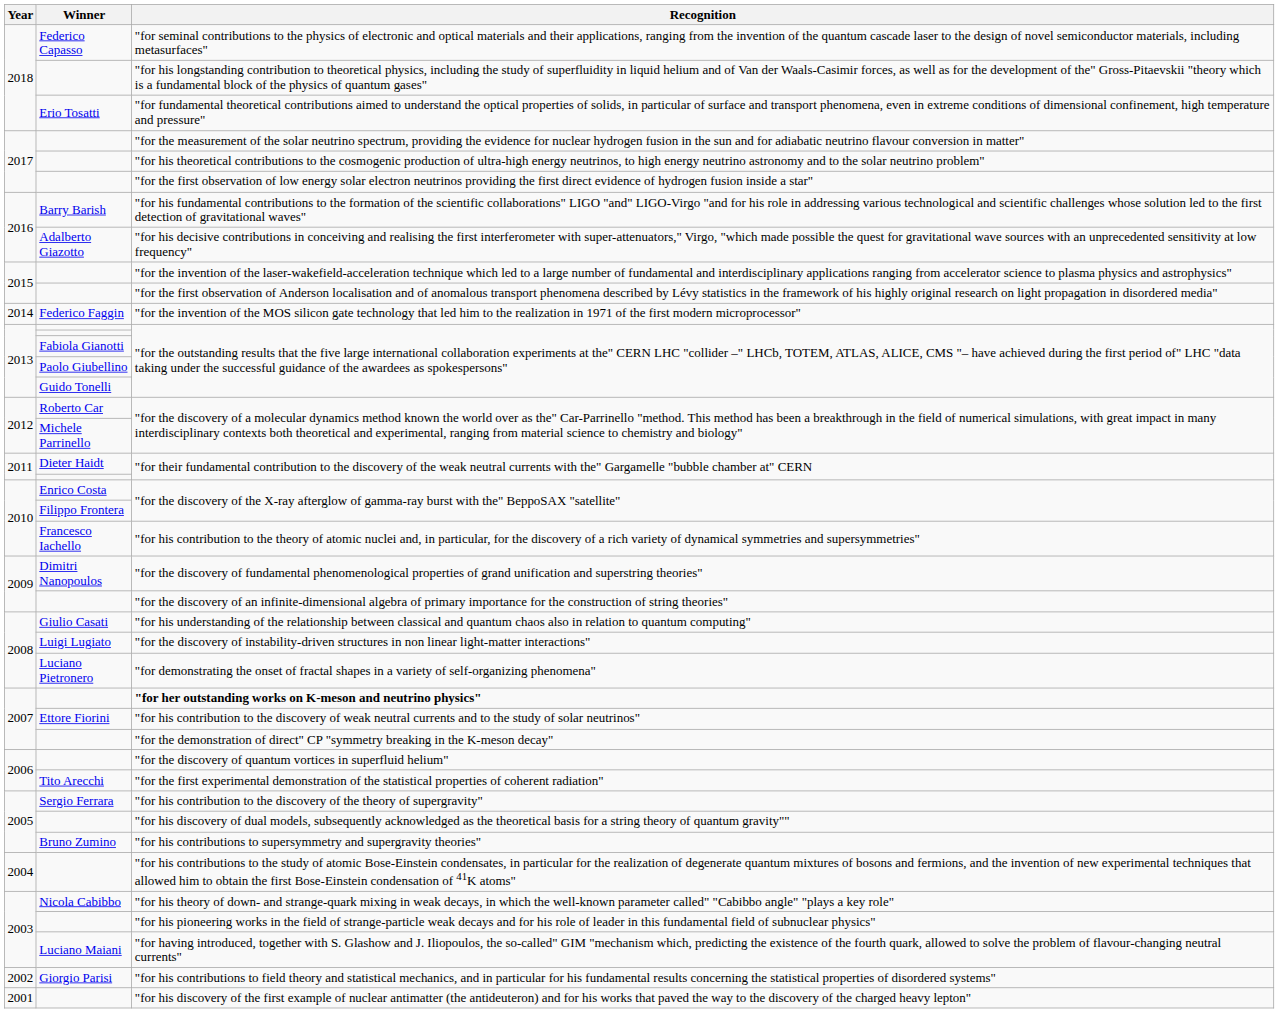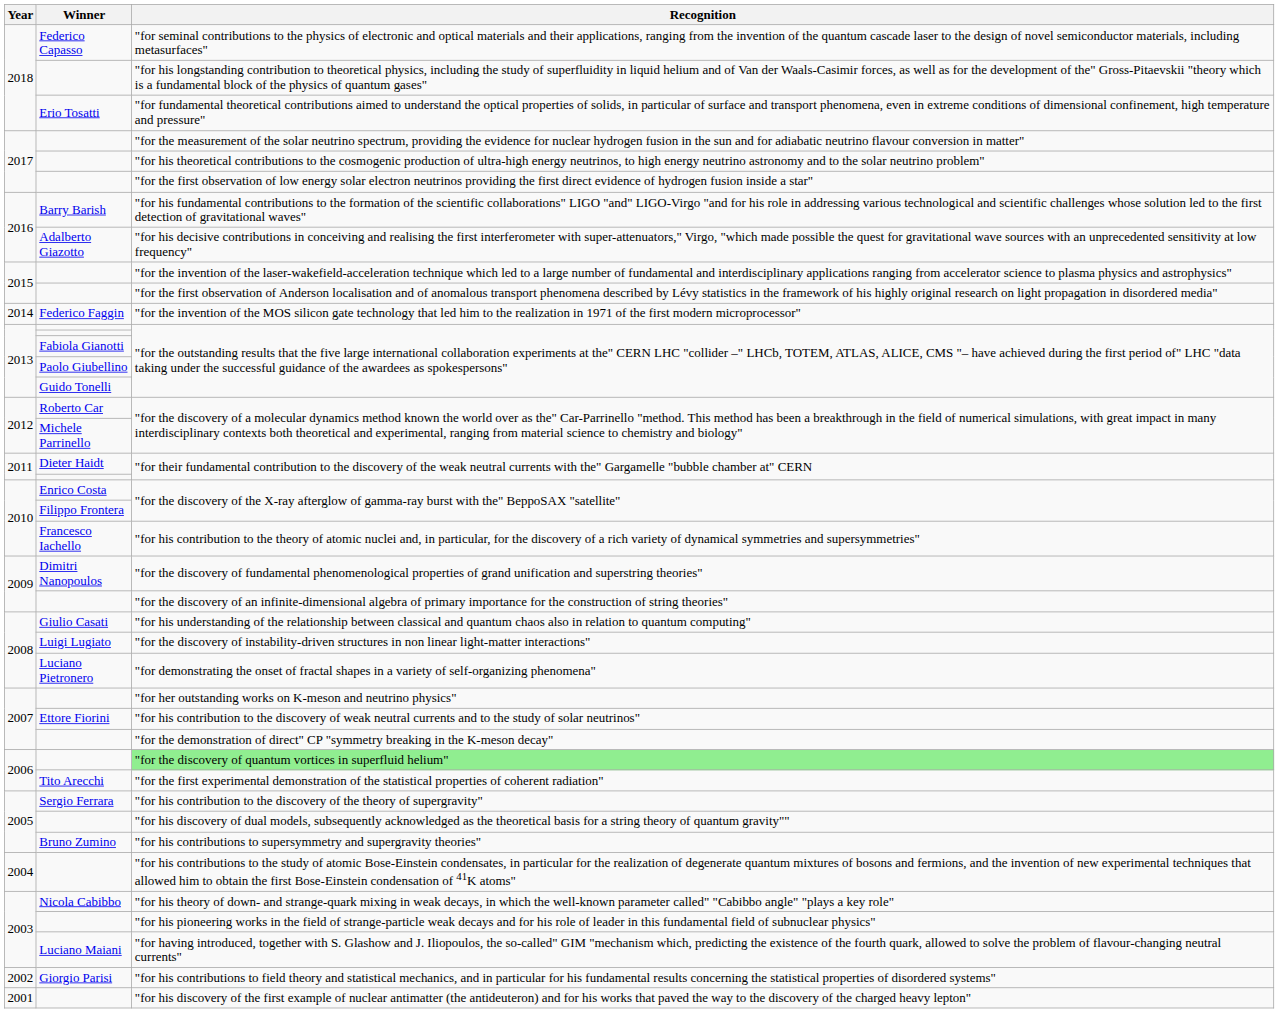 <table class="wikitable">
 <tr>
 <th>Year</th>
 <th>Winner</th>
 <th>Recognition</th>
 </tr>
 <tr>
 <td rowspan="3">2018</td>
 <td><a href='#'>Federico Capasso</a></td>
 <td>"for seminal contributions to the physics of electronic and optical materials and their applications, ranging from the invention of the quantum cascade laser to the design of novel semiconductor materials, including metasurfaces"</td>
 </tr>
 <tr>
 <td></td>
 <td>"for his longstanding contribution to theoretical physics, including the study of superfluidity in liquid helium and of Van der Waals-Casimir forces, as well as for the development of the" Gross-Pitaevskii "theory which is a fundamental block of the physics of quantum gases"</td>
 </tr>
 <tr>
 <td><a href='#'>Erio Tosatti</a></td>
 <td>"for fundamental theoretical contributions aimed to understand the optical properties of solids, in particular of surface and transport phenomena, even in extreme conditions of dimensional confinement, high temperature and pressure"</td>
 </tr>
 <tr>
 <td rowspan="3">2017</td>
 <td> </td>
 <td>"for the measurement of the solar neutrino spectrum, providing the evidence for nuclear hydrogen fusion in the sun and for adiabatic neutrino flavour conversion in matter"</td>
 </tr>
 <tr>
 <td></td>
 <td>"for his theoretical contributions to the cosmogenic production of ultra-high energy neutrinos, to high energy neutrino astronomy and to the solar neutrino problem"</td>
 </tr>
 <tr>
 <td></td>
 <td>"for the first observation of low energy solar electron neutrinos providing the first direct evidence of hydrogen fusion inside a star"</td>
 </tr>
 <tr>
 <td rowspan="2">2016</td>
 <td><a href='#'>Barry Barish</a></td>
 <td>"for his fundamental contributions to the formation of the scientific collaborations" LIGO "and" LIGO-Virgo "and for his role in addressing various technological and scientific challenges whose solution led to the first detection of gravitational waves"</td>
 </tr>
 <tr>
 <td><a href='#'>Adalberto Giazotto</a></td>
 <td>"for his decisive contributions in conceiving and realising the first interferometer with super-attenuators," Virgo, "which made possible the quest for gravitational wave sources with an unprecedented sensitivity at low frequency"</td>
 </tr>
 <tr>
 <td rowspan="2">2015</td>
 <td></td>
 <td>"for the invention of the laser-wakefield-acceleration technique which led to a large number of fundamental and interdisciplinary applications ranging from accelerator science to plasma physics and astrophysics"</td>
 </tr>
 <tr>
 <td></td>
 <td>"for the first observation of Anderson localisation and of anomalous transport phenomena described by Lévy statistics in the framework of his highly original research on light propagation in disordered media"</td>
 </tr>
 <tr>
 <td>2014</td>
 <td><a href='#'>Federico Faggin</a></td>
 <td>"for the invention of the MOS silicon gate technology that led him to the realization in 1971 of the first modern microprocessor"</td>
 </tr>
 <tr>
 <td rowspan="5">2013</td>
 <td></td>
 <td rowspan="5">"for the outstanding results that the five large international collaboration experiments at the" CERN LHC "collider –" LHCb, TOTEM, ATLAS, ALICE, CMS "– have achieved during the first period of" LHC "data taking under the successful guidance of the awardees as spokespersons"</td>
 </tr>
 <tr>
 <td></td>
 </tr>
 <tr>
 <td><a href='#'>Fabiola Gianotti</a></td>
 </tr>
 <tr>
 <td><a href='#'>Paolo Giubellino</a></td>
 </tr>
 <tr>
 <td><a href='#'>Guido Tonelli</a></td>
 </tr>
 <tr>
 <td rowspan="2">2012</td>
 <td><a href='#'>Roberto Car</a></td>
 <td rowspan="2">"for the discovery of a molecular dynamics method known the world over as the" Car-Parrinello "method. This method has been a breakthrough in the field of numerical simulations, with great impact in many interdisciplinary contexts both theoretical and experimental, ranging from material science to chemistry and biology"</td>
 </tr>
 <tr>
 <td><a href='#'>Michele Parrinello</a></td>
 </tr>
 <tr>
 <td rowspan="2">2011</td>
 <td><a href='#'>Dieter Haidt</a></td>
 <td rowspan="2">"for their fundamental contribution to the discovery of the weak neutral currents with the" Gargamelle "bubble chamber at" CERN</td>
 </tr>
 <tr>
 <td></td>
 </tr>
 <tr>
 <td rowspan="3">2010</td>
 <td><a href='#'>Enrico Costa</a></td>
 <td rowspan="2">"for the discovery of the X-ray afterglow of gamma-ray burst with the" BeppoSAX "satellite"</td>
 </tr>
 <tr>
 <td><a href='#'>Filippo Frontera</a></td>
 </tr>
 <tr>
 <td><a href='#'>Francesco Iachello</a></td>
 <td>"for his contribution to the theory of atomic nuclei and, in particular, for the discovery of a rich variety of dynamical symmetries and supersymmetries"</td>
 </tr>
 <tr>
 <td rowspan="2">2009</td>
 <td><a href='#'>Dimitri Nanopoulos</a></td>
 <td>"for the discovery of fundamental phenomenological properties of grand unification and superstring theories"</td>
 </tr>
 <tr>
 <td></td>
 <td>"for the discovery of an infinite-dimensional algebra of primary importance for the construction of string theories"</td>
 </tr>
 <tr>
 <td rowspan="3">2008</td>
 <td><a href='#'>Giulio Casati</a></td>
 <td>"for his understanding of the relationship between classical and quantum chaos also in relation to quantum computing"</td>
 </tr>
 <tr>
 <td><a href='#'>Luigi Lugiato</a></td>
 <td>"for the discovery of instability-driven structures in non linear light-matter interactions"</td>
 </tr>
 <tr>
 <td><a href='#'>Luciano Pietronero</a></td>
 <td>"for demonstrating the onset of fractal shapes in a variety of self-organizing phenomena"</td>
 </tr>
 <tr>
 <td rowspan="3">2007</td>
 <td></td>
-<td><strong>"for her outstanding works on K-meson and neutrino physics"</strong></td>
+<td>"for her outstanding works on K-meson and neutrino physics"</td>
 </tr>
 <tr>
 <td><a href='#'>Ettore Fiorini</a></td>
 <td>"for his contribution to the discovery of weak neutral currents and to the study of solar neutrinos"</td>
 </tr>
 <tr>
 <td></td>
 <td>"for the demonstration of direct" CP "symmetry breaking in the K-meson decay"</td>
 </tr>
 <tr>
 <td rowspan="2">2006</td>
 <td></td>
-<td>"for the discovery of quantum vortices in superfluid helium"</td>
+<td style="background: lightgreen;">"for the discovery of quantum vortices in superfluid helium"</td>
 </tr>
 <tr>
 <td><a href='#'>Tito Arecchi</a></td>
 <td>"for the first experimental demonstration of the statistical properties of coherent radiation"</td>
 </tr>
 <tr>
 <td rowspan="3">2005</td>
 <td><a href='#'>Sergio Ferrara</a></td>
 <td>"for his contribution to the discovery of the theory of supergravity"</td>
 </tr>
 <tr>
 <td></td>
 <td>"for his discovery of dual models, subsequently acknowledged as the theoretical basis for a string theory of quantum gravity""</td>
 </tr>
 <tr>
 <td><a href='#'>Bruno Zumino</a></td>
 <td>"for his contributions to supersymmetry and supergravity theories"</td>
 </tr>
 <tr>
 <td>2004</td>
 <td></td>
 <td>"for his contributions to the study of atomic Bose-Einstein condensates, in particular for the realization of degenerate quantum mixtures of bosons and fermions, and the invention of new experimental techniques that allowed him to obtain the first Bose-Einstein condensation of <sup>41</sup>K atoms"</td>
 </tr>
 <tr>
 <td rowspan="3">2003</td>
 <td><a href='#'>Nicola Cabibbo</a></td>
 <td>"for his theory of down- and strange-quark mixing in weak decays, in which the well-known parameter called" "Cabibbo angle" "plays a key role"</td>
 </tr>
 <tr>
 <td></td>
 <td>"for his pioneering works in the field of strange-particle weak decays and for his role of leader in this fundamental field of subnuclear physics"</td>
 </tr>
 <tr>
 <td><a href='#'>Luciano Maiani</a></td>
 <td>"for having introduced, together with S. Glashow and J. Iliopoulos, the so-called" GIM "mechanism which, predicting the existence of the fourth quark, allowed to solve the problem of flavour-changing neutral currents"</td>
 </tr>
 <tr>
 <td>2002</td>
 <td><a href='#'>Giorgio Parisi</a></td>
 <td>"for his contributions to field theory and statistical mechanics, and in particular for his fundamental results concerning the statistical properties of disordered systems"</td>
 </tr>
 <tr>
 <td>2001</td>
 <td></td>
 <td>"for his discovery of the first example of nuclear antimatter (the antideuteron) and for his works that paved the way to the discovery of the charged heavy lepton"</td>
 </tr>
 </table>
